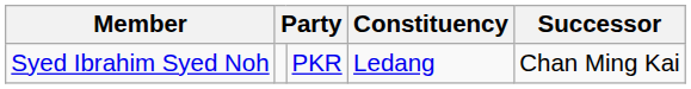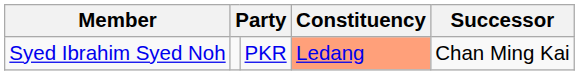 <table class="sortable wikitable">
 <tr>
 <th valign="top">Member</th>
 <th colspan="2" valign="top">Party</th>
 <th valign="top">Constituency</th>
 <th class="unsortable" valign="top">Successor</th>
 </tr>
 <tr>
 <td><a href='#'>Syed Ibrahim Syed Noh</a> </td>
 <td></td>
 <td><a href='#'>PKR</a></td>
-<td><a href='#'>Ledang</a></td>
+<td style="background: lightsalmon;"><a href='#'>Ledang</a></td>
 <td>Chan Ming Kai</td>
 </tr>
 </table>
